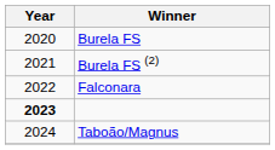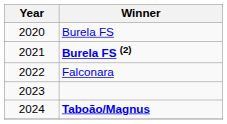 <table class="wikitable" style="width:300px;">
 <tr>
 <th>Year</th>
 <th>Winner</th>
 </tr>
 <tr>
 <td align=center>2020</td>
 <td> <a href='#'>Burela FS</a></td>
 </tr>
 <tr>
 <td align=center>2021</td>
-<td> <a href='#'>Burela FS</a> <sup>(2)</sup></td>
+<td><strong> <a href='#'>Burela FS</a> <sup>(2)</sup></strong></td>
 </tr>
 <tr>
 <td align=center>2022</td>
 <td> <a href='#'>Falconara</a></td>
 </tr>
 <tr>
-<td align=center><strong>2023</strong></td>
+<td align=center>2023</td>
 <td> </td>
 </tr>
 <tr>
 <td align=center>2024</td>
-<td> <a href='#'>Taboão/Magnus</a></td>
+<td><strong> <a href='#'>Taboão/Magnus</a></strong></td>
 </tr>
 <tr>
 </tr>
 </table>
